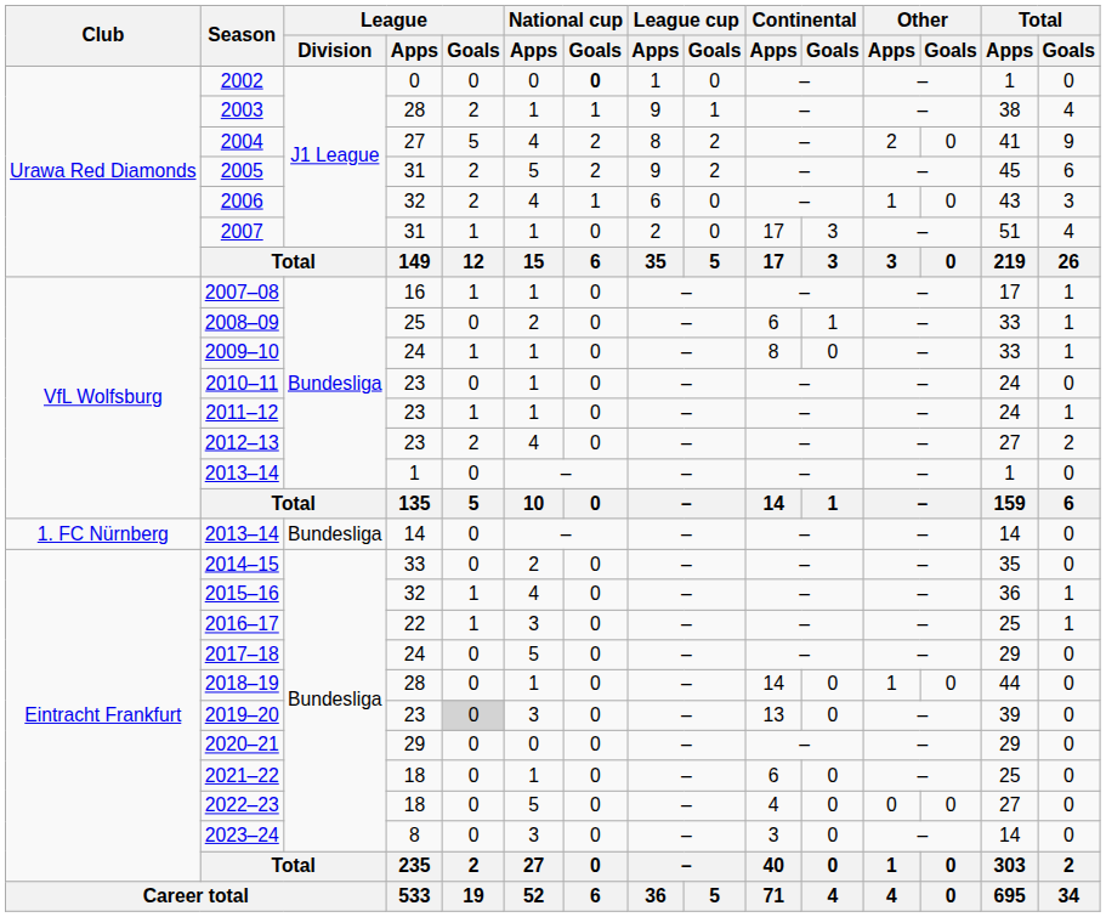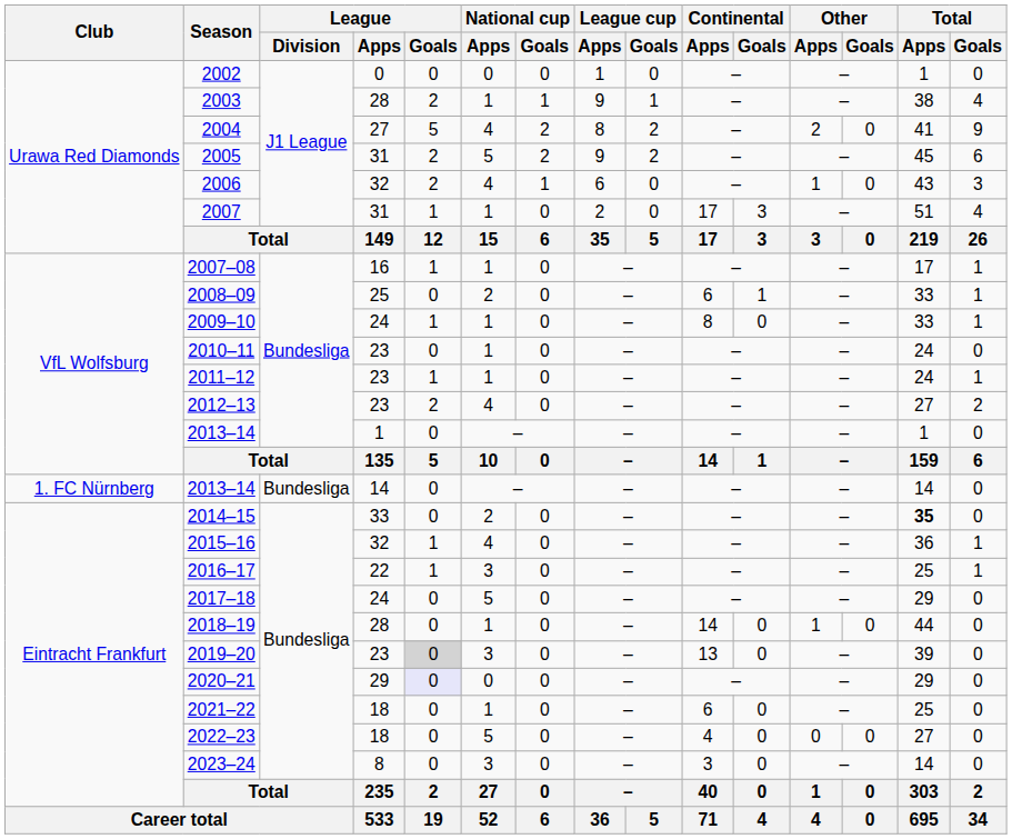 <table class="wikitable" style="text-align:center">
 <tr>
 <th rowspan="2">Club</th>
 <th rowspan="2">Season</th>
 <th colspan="3">League</th>
 <th colspan="2">National cup</th>
 <th colspan="2">League cup</th>
 <th colspan="2">Continental</th>
 <th colspan="2">Other</th>
 <th colspan="2">Total</th>
 </tr>
 <tr>
 <th>Division</th>
 <th>Apps</th>
 <th>Goals</th>
 <th>Apps</th>
 <th>Goals</th>
 <th>Apps</th>
 <th>Goals</th>
 <th>Apps</th>
 <th>Goals</th>
 <th>Apps</th>
 <th>Goals</th>
 <th>Apps</th>
 <th>Goals</th>
 </tr>
 <tr>
 <td rowspan="7"><a href='#'>Urawa Red Diamonds</a></td>
 <td><a href='#'>2002</a></td>
 <td rowspan="6"><a href='#'>J1 League</a></td>
 <td>0</td>
 <td>0</td>
 <td>0</td>
-<td><strong>0</strong></td>
+<td>0</td>
 <td>1</td>
 <td>0</td>
 <td colspan="2">–</td>
 <td colspan="2">–</td>
 <td>1</td>
 <td>0</td>
 </tr>
 <tr>
 <td><a href='#'>2003</a></td>
 <td>28</td>
 <td>2</td>
 <td>1</td>
 <td>1</td>
 <td>9</td>
 <td>1</td>
 <td colspan="2">–</td>
 <td colspan="2">–</td>
 <td>38</td>
 <td>4</td>
 </tr>
 <tr>
 <td><a href='#'>2004</a></td>
 <td>27</td>
 <td>5</td>
 <td>4</td>
 <td>2</td>
 <td>8</td>
 <td>2</td>
 <td colspan="2">–</td>
 <td>2</td>
 <td>0</td>
 <td>41</td>
 <td>9</td>
 </tr>
 <tr>
 <td><a href='#'>2005</a></td>
 <td>31</td>
 <td>2</td>
 <td>5</td>
 <td>2</td>
 <td>9</td>
 <td>2</td>
 <td colspan="2">–</td>
 <td colspan="2">–</td>
 <td>45</td>
 <td>6</td>
 </tr>
 <tr>
 <td><a href='#'>2006</a></td>
 <td>32</td>
 <td>2</td>
 <td>4</td>
 <td>1</td>
 <td>6</td>
 <td>0</td>
 <td colspan="2">–</td>
 <td>1</td>
 <td>0</td>
 <td>43</td>
 <td>3</td>
 </tr>
 <tr>
 <td><a href='#'>2007</a></td>
 <td>31</td>
 <td>1</td>
 <td>1</td>
 <td>0</td>
 <td>2</td>
 <td>0</td>
 <td>17</td>
 <td>3</td>
 <td colspan="2">–</td>
 <td>51</td>
 <td>4</td>
 </tr>
 <tr>
 <th colspan="2">Total</th>
 <th>149</th>
 <th>12</th>
 <th>15</th>
 <th>6</th>
 <th>35</th>
 <th>5</th>
 <th>17</th>
 <th>3</th>
 <th>3</th>
 <th>0</th>
 <th>219</th>
 <th>26</th>
 </tr>
 <tr>
 <td rowspan="8"><a href='#'>VfL Wolfsburg</a></td>
 <td><a href='#'>2007–08</a></td>
 <td rowspan="7"><a href='#'>Bundesliga</a></td>
 <td>16</td>
 <td>1</td>
 <td>1</td>
 <td>0</td>
 <td colspan="2">–</td>
 <td colspan="2">–</td>
 <td colspan="2">–</td>
 <td>17</td>
 <td>1</td>
 </tr>
 <tr>
 <td><a href='#'>2008–09</a></td>
 <td>25</td>
 <td>0</td>
 <td>2</td>
 <td>0</td>
 <td colspan="2">–</td>
 <td>6</td>
 <td>1</td>
 <td colspan="2">–</td>
 <td>33</td>
 <td>1</td>
 </tr>
 <tr>
 <td><a href='#'>2009–10</a></td>
 <td>24</td>
 <td>1</td>
 <td>1</td>
 <td>0</td>
 <td colspan="2">–</td>
 <td>8</td>
 <td>0</td>
 <td colspan="2">–</td>
 <td>33</td>
 <td>1</td>
 </tr>
 <tr>
 <td><a href='#'>2010–11</a></td>
 <td>23</td>
 <td>0</td>
 <td>1</td>
 <td>0</td>
 <td colspan="2">–</td>
 <td colspan="2">–</td>
 <td colspan="2">–</td>
 <td>24</td>
 <td>0</td>
 </tr>
 <tr>
 <td><a href='#'>2011–12</a></td>
 <td>23</td>
 <td>1</td>
 <td>1</td>
 <td>0</td>
 <td colspan="2">–</td>
 <td colspan="2">–</td>
 <td colspan="2">–</td>
 <td>24</td>
 <td>1</td>
 </tr>
 <tr>
 <td><a href='#'>2012–13</a></td>
 <td>23</td>
 <td>2</td>
 <td>4</td>
 <td>0</td>
 <td colspan="2">–</td>
 <td colspan="2">–</td>
 <td colspan="2">–</td>
 <td>27</td>
 <td>2</td>
 </tr>
 <tr>
 <td><a href='#'>2013–14</a></td>
 <td>1</td>
 <td>0</td>
 <td colspan="2">–</td>
 <td colspan="2">–</td>
 <td colspan="2">–</td>
 <td colspan="2">–</td>
 <td>1</td>
 <td>0</td>
 </tr>
 <tr>
 <th colspan="2">Total</th>
 <th>135</th>
 <th>5</th>
 <th>10</th>
 <th>0</th>
 <th colspan="2">–</th>
 <th>14</th>
 <th>1</th>
 <th colspan="2">–</th>
 <th>159</th>
 <th>6</th>
 </tr>
 <tr>
 <td><a href='#'>1. FC Nürnberg</a></td>
 <td><a href='#'>2013–14</a></td>
 <td>Bundesliga</td>
 <td>14</td>
 <td>0</td>
 <td colspan="2">–</td>
 <td colspan="2">–</td>
 <td colspan="2">–</td>
 <td colspan="2">–</td>
 <td>14</td>
 <td>0</td>
 </tr>
 <tr>
 <td rowspan="11"><a href='#'>Eintracht Frankfurt</a></td>
 <td><a href='#'>2014–15</a></td>
 <td rowspan="10">Bundesliga</td>
 <td>33</td>
 <td>0</td>
 <td>2</td>
 <td>0</td>
 <td colspan="2">–</td>
 <td colspan="2">–</td>
 <td colspan="2">–</td>
-<td>35</td>
+<td><strong>35</strong></td>
 <td>0</td>
 </tr>
 <tr>
 <td><a href='#'>2015–16</a></td>
 <td>32</td>
 <td>1</td>
 <td>4</td>
 <td>0</td>
 <td colspan="2">–</td>
 <td colspan="2">–</td>
 <td colspan="2">–</td>
 <td>36</td>
 <td>1</td>
 </tr>
 <tr>
 <td><a href='#'>2016–17</a></td>
 <td>22</td>
 <td>1</td>
 <td>3</td>
 <td>0</td>
 <td colspan="2">–</td>
 <td colspan="2">–</td>
 <td colspan="2">–</td>
 <td>25</td>
 <td>1</td>
 </tr>
 <tr>
 <td><a href='#'>2017–18</a></td>
 <td>24</td>
 <td>0</td>
 <td>5</td>
 <td>0</td>
 <td colspan="2">–</td>
 <td colspan="2">–</td>
 <td colspan="2">–</td>
 <td>29</td>
 <td>0</td>
 </tr>
 <tr>
 <td><a href='#'>2018–19</a></td>
 <td>28</td>
 <td>0</td>
 <td>1</td>
 <td>0</td>
 <td colspan="2">–</td>
 <td>14</td>
 <td>0</td>
 <td>1</td>
 <td>0</td>
 <td>44</td>
 <td>0</td>
 </tr>
 <tr>
 <td><a href='#'>2019–20</a></td>
 <td>23</td>
 <td style="background: lightgrey;">0</td>
 <td>3</td>
 <td>0</td>
 <td colspan="2">–</td>
 <td>13</td>
 <td>0</td>
 <td colspan="2">–</td>
 <td>39</td>
 <td>0</td>
 </tr>
 <tr>
 <td><a href='#'>2020–21</a></td>
 <td>29</td>
-<td>0</td>
+<td style="background: lavender;">0</td>
 <td>0</td>
 <td>0</td>
 <td colspan="2">–</td>
 <td colspan="2">–</td>
 <td colspan="2">–</td>
 <td>29</td>
 <td>0</td>
 </tr>
 <tr>
 <td><a href='#'>2021–22</a></td>
 <td>18</td>
 <td>0</td>
 <td>1</td>
 <td>0</td>
 <td colspan="2">–</td>
 <td>6</td>
 <td>0</td>
 <td colspan="2">–</td>
 <td>25</td>
 <td>0</td>
 </tr>
 <tr>
 <td><a href='#'>2022–23</a></td>
 <td>18</td>
 <td>0</td>
 <td>5</td>
 <td>0</td>
 <td colspan="2">–</td>
 <td>4</td>
 <td>0</td>
 <td>0</td>
 <td>0</td>
 <td>27</td>
 <td>0</td>
 </tr>
 <tr>
 <td><a href='#'>2023–24</a></td>
 <td>8</td>
 <td>0</td>
 <td>3</td>
 <td>0</td>
 <td colspan="2">–</td>
 <td>3</td>
 <td>0</td>
 <td colspan="2">–</td>
 <td>14</td>
 <td>0</td>
 </tr>
 <tr>
 <th colspan="2">Total</th>
 <th>235</th>
 <th>2</th>
 <th>27</th>
 <th>0</th>
 <th colspan="2">–</th>
 <th>40</th>
 <th>0</th>
 <th>1</th>
 <th>0</th>
 <th>303</th>
 <th>2</th>
 </tr>
 <tr>
 <th colspan="3">Career total</th>
 <th>533</th>
 <th>19</th>
 <th>52</th>
 <th>6</th>
 <th>36</th>
 <th>5</th>
 <th>71</th>
 <th>4</th>
 <th>4</th>
 <th>0</th>
 <th>695</th>
 <th>34</th>
 </tr>
 </table>
